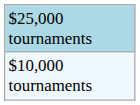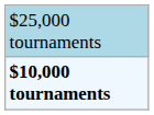 <table class="wikitable"  style="font-size:85%; width:12%;">
 <tr style="background:lightblue;">
 <td>$25,000 tournaments</td>
 </tr>
 <tr style="background:#f0f8ff;">
-<td>$10,000 tournaments</td>
+<td><strong>$10,000 tournaments</strong></td>
 </tr>
 </table>
